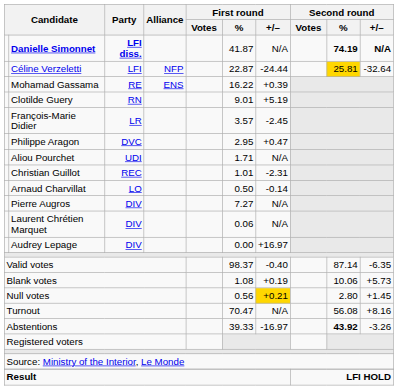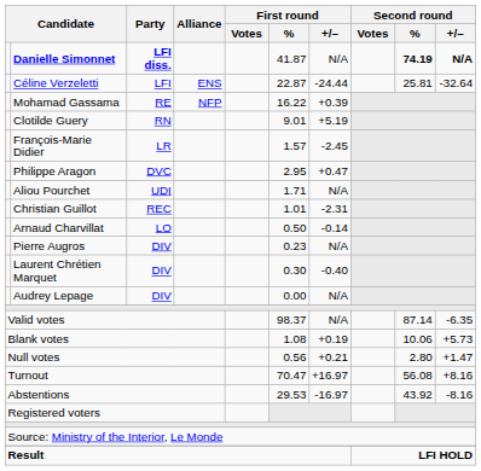 <table class="wikitable" style="text-align:right;font-size:95%;">
 <tr>
 <th rowspan="2" colspan="2">Candidate</th>
 <th rowspan="2">Party</th>
 <th rowspan="2">Alliance</th>
 <th colspan="3">First round</th>
 <th colspan="3">Second round</th>
 </tr>
 <tr>
 <th style="width:50px;">Votes</th>
 <th style="width:45px;">%</th>
 <th style="width:45px;">+/–</th>
 <th style="width:50px;">Votes</th>
 <th style="width:45px;">%</th>
 <th style="width:45px;">+/–</th>
 </tr>
 <tr>
 <td style="color:inherit;background:"></td>
 <td style="text-align:left;"><strong><a href='#'>Danielle Simonnet</a></strong></td>
 <td><a href='#'><strong>LFI diss.</strong></a></td>
 <td></td>
 <td></td>
 <td>41.87</td>
 <td>N/A</td>
 <td><strong></strong></td>
 <td><strong>74.19</strong></td>
 <td><strong>N/A</strong></td>
 </tr>
 <tr>
 <td style="color:inherit;background:"></td>
 <td style="text-align:left;"><a href='#'>Céline Verzeletti</a></td>
 <td><a href='#'>LFI</a></td>
-<td><a href='#'>NFP</a></td>
+<td><a href='#'>ENS</a></td>
 <td></td>
 <td>22.87</td>
 <td>-24.44</td>
 <td></td>
-<td style="background: gold;">25.81</td>
+<td>25.81</td>
 <td>-32.64</td>
 </tr>
 <tr>
 <td style="color:inherit;background:"></td>
 <td style="text-align:left;">Mohamad Gassama</td>
 <td><a href='#'>RE</a></td>
-<td><a href='#'>ENS</a></td>
+<td><a href='#'>NFP</a></td>
 <td></td>
 <td>16.22</td>
 <td>+0.39</td>
 <td colspan="3" style="background:#E9E9E9;"></td>
 </tr>
 <tr>
 <td style="color:inherit;background:"></td>
 <td style="text-align:left;">Clotilde Guery</td>
 <td><a href='#'>RN</a></td>
 <td></td>
 <td></td>
 <td>9.01</td>
 <td>+5.19</td>
 <td colspan="3" style="background:#E9E9E9;"></td>
 </tr>
 <tr>
 <td style="color:inherit;background:"></td>
 <td style="text-align:left;">François-Marie Didier</td>
 <td><a href='#'>LR</a></td>
 <td></td>
 <td></td>
-<td>3.57</td>
+<td>1.57</td>
 <td>-2.45</td>
 <td colspan="3" style="background:#E9E9E9;"></td>
 </tr>
 <tr>
 <td style="color:inherit;background:"></td>
 <td style="text-align:left;">Philippe Aragon</td>
 <td><a href='#'>DVC</a></td>
 <td></td>
 <td></td>
 <td>2.95</td>
 <td>+0.47</td>
 <td colspan="3" style="background:#E9E9E9;"></td>
 </tr>
 <tr>
 <td style="color:inherit;background:"></td>
 <td style="text-align:left;">Aliou Pourchet</td>
 <td><a href='#'>UDI</a></td>
 <td></td>
 <td></td>
 <td>1.71</td>
 <td>N/A</td>
 <td colspan="3" style="background:#E9E9E9;"></td>
 </tr>
 <tr>
 <td style="color:inherit;background:"></td>
 <td style="text-align:left;">Christian Guillot</td>
 <td><a href='#'>REC</a></td>
 <td></td>
 <td></td>
 <td>1.01</td>
 <td>-2.31</td>
 <td colspan="3" style="background:#E9E9E9;"></td>
 </tr>
 <tr>
 <td style="color:inherit;background:"></td>
 <td style="text-align:left;">Arnaud Charvillat</td>
 <td><a href='#'>LO</a></td>
 <td></td>
 <td></td>
 <td>0.50</td>
 <td>-0.14</td>
 <td colspan="3" style="background:#E9E9E9;"></td>
 </tr>
 <tr>
 <td style="color:inherit;background:"></td>
 <td style="text-align:left;">Pierre Augros</td>
 <td><a href='#'>DIV</a></td>
 <td></td>
 <td></td>
-<td>7.27</td>
+<td>0.23</td>
 <td>N/A</td>
 <td colspan="3" style="background:#E9E9E9;"></td>
 </tr>
 <tr>
 <td style="color:inherit;background:"></td>
 <td style="text-align:left;">Laurent Chrétien Marquet</td>
 <td><a href='#'>DIV</a></td>
 <td></td>
 <td></td>
-<td>0.06</td>
-<td>N/A</td>
+<td>0.30</td>
+<td>-0.40</td>
 <td colspan="3" style="background:#E9E9E9;"></td>
 </tr>
 <tr>
 <td style="color:inherit;background:"></td>
 <td style="text-align:left;">Audrey Lepage</td>
 <td><a href='#'>DIV</a></td>
 <td></td>
 <td></td>
 <td>0.00</td>
-<td>+16.97</td>
+<td>N/A</td>
 <td colspan="3" style="background:#E9E9E9;"></td>
 </tr>
 <tr>
 <td colspan="10" style="background:#E9E9E9;"></td>
 </tr>
 <tr>
 <td colspan="4" style="text-align:left;">Valid votes</td>
 <td></td>
 <td>98.37</td>
-<td>-0.40</td>
+<td>N/A</td>
 <td></td>
 <td>87.14</td>
 <td>-6.35</td>
 </tr>
 <tr>
 <td colspan="4" style="text-align:left;">Blank votes</td>
 <td></td>
 <td>1.08</td>
 <td>+0.19</td>
 <td></td>
 <td>10.06</td>
 <td>+5.73</td>
 </tr>
 <tr>
 <td colspan="4" style="text-align:left;">Null votes</td>
 <td></td>
 <td>0.56</td>
-<td style="background: gold;">+0.21</td>
+<td>+0.21</td>
 <td></td>
 <td>2.80</td>
-<td>+1.45</td>
+<td>+1.47</td>
 </tr>
 <tr>
 <td colspan="4" style="text-align:left;">Turnout</td>
 <td></td>
 <td>70.47</td>
-<td>N/A</td>
+<td>+16.97</td>
 <td></td>
 <td>56.08</td>
 <td>+8.16</td>
 </tr>
 <tr>
 <td colspan="4" style="text-align:left;">Abstentions</td>
 <td></td>
-<td>39.33</td>
+<td>29.53</td>
 <td>-16.97</td>
 <td></td>
-<td><strong>43.92</strong></td>
-<td>-3.26</td>
+<td>43.92</td>
+<td>-8.16</td>
 </tr>
 <tr>
 <td colspan="4" style="text-align:left;">Registered voters</td>
 <td></td>
 <td colspan="2" style="background:#E9E9E9;"></td>
 <td></td>
 <td colspan="2" style="background:#E9E9E9;"></td>
 </tr>
 <tr>
 <td colspan="10" style="background:#E9E9E9;"></td>
 </tr>
 <tr>
 <td colspan="10" style="text-align:left;">Source: <a href='#'>Ministry of the Interior</a>, <a href='#'>Le Monde</a></td>
 </tr>
 <tr>
 </tr>
 <tr style="font-weight:bold">
 <td colspan="7" style="text-align:left;">Result</td>
 <td colspan="7" style="background-color:">LFI HOLD</td>
 </tr>
 </table>
